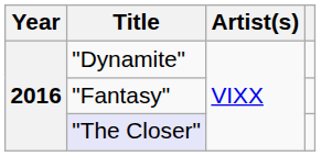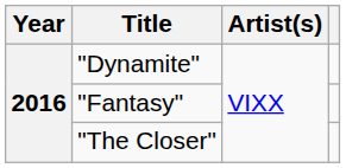 <table class="wikitable plainrowheaders">
 <tr>
 <th scope="col">Year</th>
 <th scope="col">Title</th>
 <th scope="col">Artist(s)</th>
 <th scope="col"></th>
 </tr>
 <tr>
 <th rowspan="3" scope="row">2016</th>
 <td>"Dynamite"</td>
 <td rowspan="3"><a href='#'>VIXX</a></td>
 <td Style="text-align:center"></td>
 </tr>
 <tr>
 <td>"Fantasy"</td>
 <td Style="text-align:center"></td>
 </tr>
 <tr>
-<td style="background: lavender;">"The Closer"</td>
+<td>"The Closer"</td>
 <td Style="text-align:center"></td>
 </tr>
 </table>
